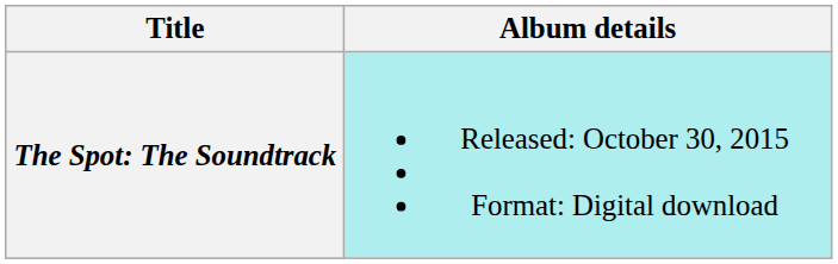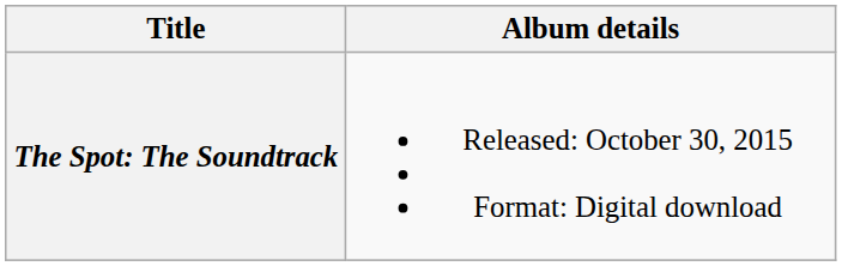 <table class="wikitable plainrowheaders" style="text-align:center;">
 <tr>
 <th scope="col" rowspan="1" style="width:11em;">Title</th>
 <th scope="col" rowspan="1" style="width:16em;">Album details</th>
 </tr>
 <tr>
 <th scope="row"><em>The Spot: The Soundtrack</em></th>
-<td style="background: paleturquoise;"><br><ul><li>Released: October 30, 2015</li><li></li><li>Format: Digital download</li></ul></td>
+<td><br><ul><li>Released: October 30, 2015</li><li></li><li>Format: Digital download</li></ul></td>
 </tr>
 </table>
